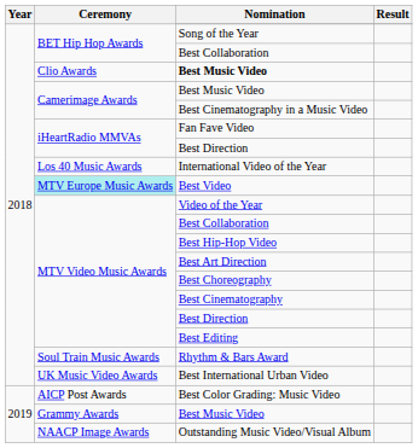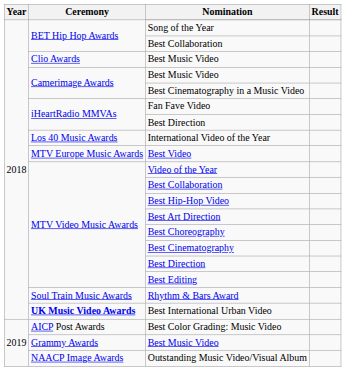 <table class="wikitable">
 <tr>
 <th>Year</th>
 <th>Ceremony</th>
 <th>Nomination</th>
 <th>Result</th>
 </tr>
 <tr>
 <td !scope rowspan="20">2018</td>
 <td rowspan="3"><a href='#'>BET Hip Hop Awards</a></td>
 </tr>
 <tr>
 <td>Song of the Year</td>
 <td></td>
 </tr>
 <tr>
 <td>Best Collaboration</td>
 <td></td>
 </tr>
 <tr>
 <td><a href='#'>Clio Awards</a></td>
-<td><strong>Best Music Video</strong></td>
+<td>Best Music Video</td>
 <td></td>
 </tr>
 <tr>
 <td rowspan=2><a href='#'>Camerimage Awards</a></td>
 <td>Best Music Video</td>
 <td></td>
 </tr>
 <tr>
 <td>Best Cinematography in a Music Video</td>
 <td></td>
 </tr>
 <tr>
 <td rowspan="2"><a href='#'>iHeartRadio MMVAs</a></td>
 <td>Fan Fave Video</td>
 <td></td>
 </tr>
 <tr>
 <td>Best Direction</td>
 <td></td>
 </tr>
 <tr>
 <td><a href='#'>Los 40 Music Awards</a></td>
 <td>International Video of the Year</td>
 <td></td>
 </tr>
 <tr>
-<td rowspan="1" style="background: paleturquoise;"><a href='#'>MTV Europe Music Awards</a></td>
+<td rowspan="1"><a href='#'>MTV Europe Music Awards</a></td>
 <td><a href='#'>Best Video</a></td>
 <td></td>
 </tr>
 <tr>
 <td rowspan="8"><a href='#'>MTV Video Music Awards</a></td>
 <td><a href='#'>Video of the Year</a></td>
 <td></td>
 </tr>
 <tr>
 <td><a href='#'>Best Collaboration</a></td>
 <td></td>
 </tr>
 <tr>
 <td><a href='#'>Best Hip-Hop Video</a></td>
 <td></td>
 </tr>
 <tr>
 <td><a href='#'>Best Art Direction</a></td>
 <td></td>
 </tr>
 <tr>
 <td><a href='#'>Best Choreography</a></td>
 <td></td>
 </tr>
 <tr>
 <td><a href='#'>Best Cinematography</a></td>
 <td></td>
 </tr>
 <tr>
 <td><a href='#'>Best Direction</a></td>
 <td></td>
 </tr>
 <tr>
 <td><a href='#'>Best Editing</a></td>
 <td></td>
 </tr>
 <tr>
 <td><a href='#'>Soul Train Music Awards</a></td>
 <td><a href='#'>Rhythm & Bars Award</a></td>
 <td></td>
 </tr>
 <tr>
-<td><a href='#'>UK Music Video Awards</a></td>
+<td><strong><a href='#'>UK Music Video Awards</a></strong></td>
 <td>Best International Urban Video</td>
 <td></td>
 </tr>
 <tr>
 <td rowspan="3">2019</td>
 <td><a href='#'>AICP</a> Post Awards</td>
 <td>Best Color Grading: Music Video</td>
 <td></td>
 </tr>
 <tr>
 <td><a href='#'>Grammy Awards</a></td>
 <td><a href='#'>Best Music Video</a></td>
 <td></td>
 </tr>
 <tr>
 <td><a href='#'>NAACP Image Awards</a></td>
 <td>Outstanding Music Video/Visual Album</td>
 <td></td>
 </tr>
 </table>
